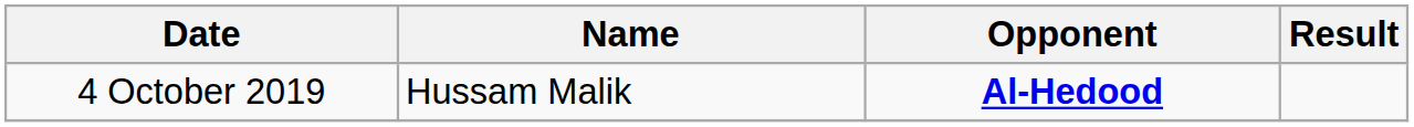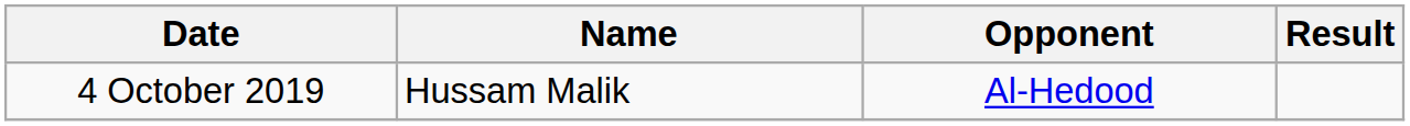 <table class="wikitable sortable" style="font-size: 90%; text-align: center;">
 <tr>
 <th style="width:150px;">Date</th>
 <th style="width:180px;">Name</th>
 <th style="width:160px;">Opponent</th>
 <th style="width:30px;">Result</th>
 </tr>
 <tr>
 <td>4 October 2019</td>
 <td style="text-align:left"> Hussam Malik</td>
-<td><strong><a href='#'>Al-Hedood</a></strong></td>
+<td><a href='#'>Al-Hedood</a></td>
 <td></td>
 </tr>
 <tr>
 </tr>
 </table>
